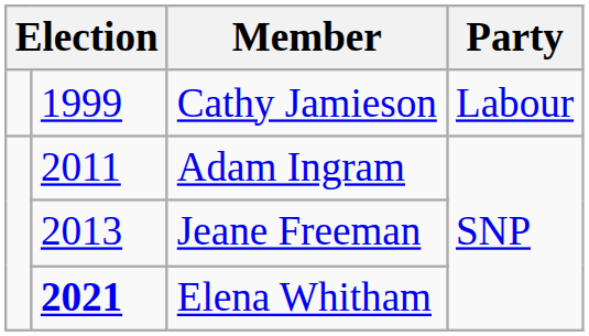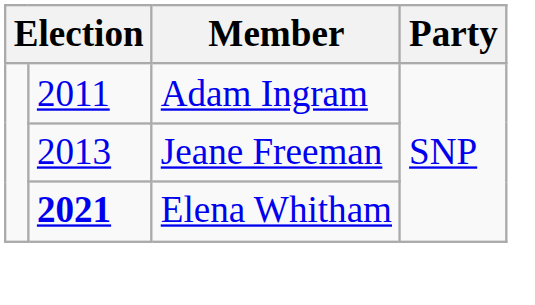 <table class="wikitable">
 <tr>
 <th colspan="2">Election</th>
 <th>Member</th>
 <th>Party</th>
-</tr>
-<tr>
-<td style="background-color: "></td>
-<td><a href='#'>1999</a></td>
-<td><a href='#'>Cathy Jamieson</a></td>
-<td><a href='#'>Labour</a></td>
 </tr>
 <tr>
 <td rowspan=3 style="background-color: "></td>
 <td><a href='#'>2011</a></td>
 <td><a href='#'>Adam Ingram</a></td>
 <td rowspan=3><a href='#'>SNP</a></td>
 </tr>
 <tr>
 <td><a href='#'>2013</a></td>
 <td><a href='#'>Jeane Freeman</a></td>
 </tr>
 <tr>
 <td><strong><a href='#'>2021</a></strong></td>
 <td><a href='#'>Elena Whitham</a></td>
 </tr>
 </table>
